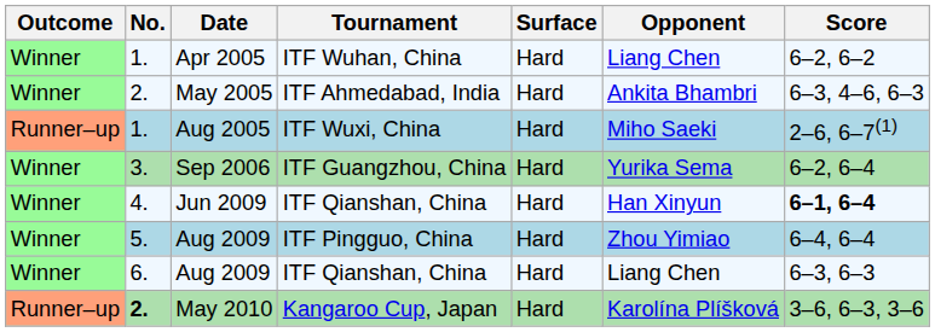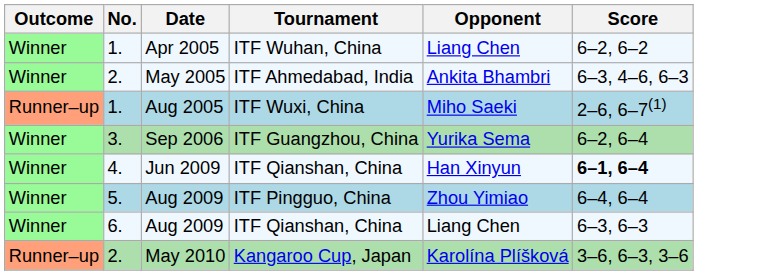 <table class="sortable wikitable">
 <tr style="background:#efefef;">
 <th>Outcome</th>
 <th>No.</th>
 <th>Date</th>
 <th>Tournament</th>
-<th>Surface</th>
 <th>Opponent</th>
 <th class="unsortable">Score</th>
 </tr>
 <tr style="background:#f0f8ff;">
 <td style="background:#98fb98;">Winner</td>
 <td>1.</td>
 <td>Apr 2005</td>
 <td>ITF Wuhan, China</td>
-<td>Hard</td>
 <td> <a href='#'>Liang Chen</a></td>
 <td>6–2, 6–2</td>
 </tr>
 <tr style="background:#f0f8ff;">
 <td style="background:#98fb98;">Winner</td>
 <td>2.</td>
 <td>May 2005</td>
 <td>ITF Ahmedabad, India</td>
-<td>Hard</td>
 <td> <a href='#'>Ankita Bhambri</a></td>
 <td>6–3, 4–6, 6–3</td>
 </tr>
 <tr style="background:lightblue;">
 <td style="background:#ffa07a;">Runner–up</td>
 <td>1.</td>
 <td>Aug 2005</td>
 <td>ITF Wuxi, China</td>
-<td>Hard</td>
 <td> <a href='#'>Miho Saeki</a></td>
 <td>2–6, 6–7<sup>(1)</sup></td>
 </tr>
 <tr style="background:#addfad;">
 <td style="background:#98fb98;">Winner</td>
 <td>3.</td>
 <td>Sep 2006</td>
 <td>ITF Guangzhou, China</td>
-<td>Hard</td>
 <td> <a href='#'>Yurika Sema</a></td>
 <td>6–2, 6–4</td>
 </tr>
 <tr style="background:#f0f8ff;">
 <td style="background:#98fb98;">Winner</td>
 <td>4.</td>
 <td>Jun 2009</td>
 <td>ITF Qianshan, China</td>
-<td>Hard</td>
 <td> <a href='#'>Han Xinyun</a></td>
 <td><strong>6–1, 6–4</strong></td>
 </tr>
 <tr style="background:lightblue;">
 <td style="background:#98fb98;">Winner</td>
 <td>5.</td>
 <td>Aug 2009</td>
 <td>ITF Pingguo, China</td>
-<td>Hard</td>
 <td> <a href='#'>Zhou Yimiao</a></td>
 <td>6–4, 6–4</td>
 </tr>
 <tr style="background:#f0f8ff;">
 <td style="background:#98fb98;">Winner</td>
 <td>6.</td>
 <td>Aug 2009</td>
 <td>ITF Qianshan, China</td>
-<td>Hard</td>
 <td> Liang Chen</td>
 <td>6–3, 6–3</td>
 </tr>
 <tr style="background:#addfad;">
 <td style="background:#ffa07a;">Runner–up</td>
-<td><strong>2.</strong></td>
+<td>2.</td>
 <td>May 2010</td>
 <td><a href='#'>Kangaroo Cup</a>, Japan</td>
-<td>Hard</td>
 <td> <a href='#'>Karolína Plíšková</a></td>
 <td>3–6, 6–3, 3–6</td>
 </tr>
 </table>
